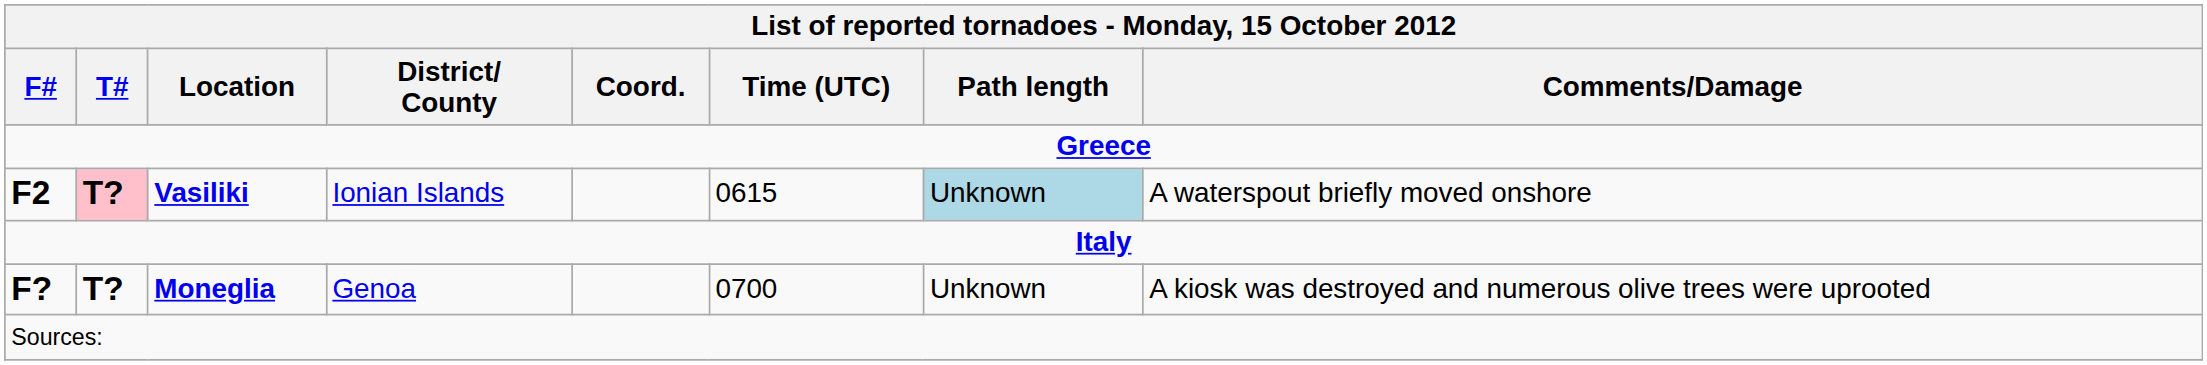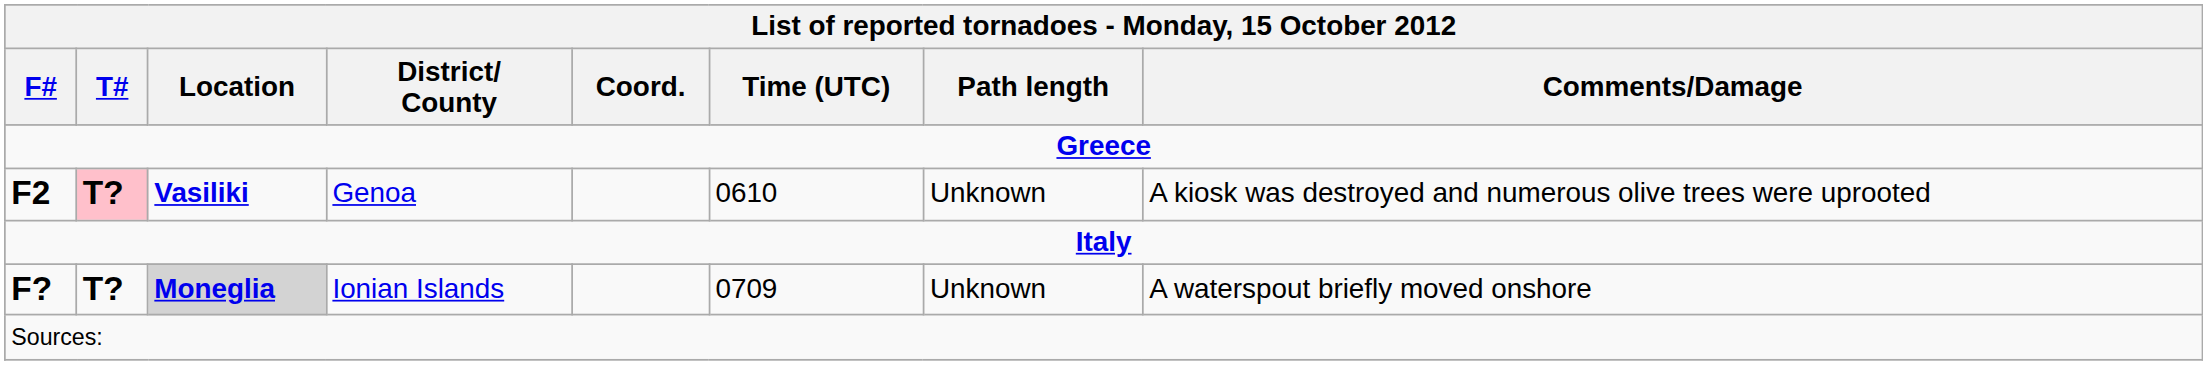 <table class="wikitable collapsible" width="100%">
 <tr>
 <th colspan="8">List of reported tornadoes - Monday, 15 October 2012</th>
 </tr>
 <tr>
 <th><a href='#'>F#</a></th>
 <th><a href='#'>T#</a></th>
 <th>Location</th>
 <th>District/<br>County</th>
 <th>Coord.</th>
 <th>Time (UTC)</th>
 <th>Path length</th>
 <th>Comments/Damage</th>
 </tr>
 <tr>
 <td colspan="8" align=center><strong><a href='#'>Greece</a></strong></td>
 </tr>
 <tr>
 <td><big><strong>F2</strong></big></td>
 <td style="background: pink;"><big><strong>T?</strong></big></td>
 <td><strong><a href='#'>Vasiliki</a></strong></td>
-<td><a href='#'>Ionian Islands</a></td>
+<td><a href='#'>Genoa</a></td>
 <td></td>
-<td>0615</td>
-<td style="background: lightblue;">Unknown</td>
-<td>A waterspout briefly moved onshore</td>
+<td>0610</td>
+<td>Unknown</td>
+<td>A kiosk was destroyed and numerous olive trees were uprooted</td>
 </tr>
 <tr>
 <td colspan="8" align=center><strong><a href='#'>Italy</a></strong></td>
 </tr>
 <tr>
 <td><big><strong>F?</strong></big></td>
 <td><big><strong>T?</strong></big></td>
-<td><strong><a href='#'>Moneglia</a></strong></td>
-<td><a href='#'>Genoa</a></td>
+<td style="background: lightgrey;"><strong><a href='#'>Moneglia</a></strong></td>
+<td><a href='#'>Ionian Islands</a></td>
 <td></td>
-<td>0700</td>
+<td>0709</td>
 <td>Unknown</td>
-<td>A kiosk was destroyed and numerous olive trees were uprooted</td>
+<td>A waterspout briefly moved onshore</td>
 </tr>
 <tr>
 <td colspan="8"><small>Sources:  </small></td>
 </tr>
 </table>
